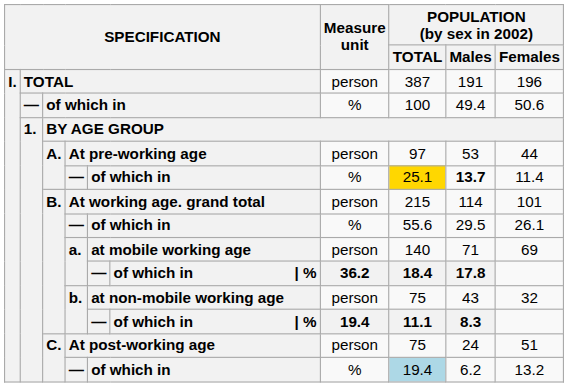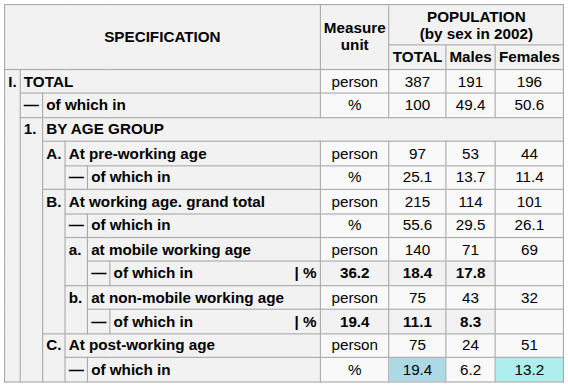 <table class="wikitable" style="font-size:85%; text-align:center">
 <tr>
 <th rowspan="2" colspan="6">SPECIFICATION</th>
 <th rowspan="2">Measure<br> unit</th>
 <th colspan="3" rowspan="1">POPULATION<br> (by sex in 2002)</th>
 </tr>
 <tr>
 <th>TOTAL</th>
 <th>Males</th>
 <th>Females</th>
 </tr>
 <tr>
 <th style="text-align:left" valign="top" rowspan="13">I.</th>
 <th style="text-align:left" colspan="5">TOTAL</th>
 <td>person</td>
 <td>387</td>
 <td>191</td>
 <td>196</td>
 </tr>
 <tr>
 <th style="text-align:left" valign="top">—</th>
 <th style="text-align:left" colspan="4">of which in</th>
 <td>%</td>
 <td>100</td>
 <td>49.4</td>
 <td>50.6</td>
 </tr>
 <tr>
 <th style="text-align:left" valign="top" rowspan="11">1.</th>
 <th style="text-align:left" colspan="19">BY AGE GROUP</th>
 </tr>
 <tr>
 <th style="text-align:left" valign="top" rowspan="2">A.</th>
 <th style="text-align:left" colspan="3">At pre-working age</th>
 <td>person</td>
 <td>97</td>
 <td>53</td>
 <td>44</td>
 </tr>
 <tr>
 <th style="text-align:left" valign="top">—</th>
 <th style="text-align:left" valign="top" colspan="2">of which in</th>
 <td>%</td>
-<td style="background: gold;">25.1</td>
-<td><strong>13.7</strong></td>
+<td>25.1</td>
+<td>13.7</td>
 <td>11.4</td>
 </tr>
 <tr>
 <th style="text-align:left" valign="top" rowspan="6">B.</th>
 <th style="text-align:left" colspan="3">At working age. grand total</th>
 <td>person</td>
 <td>215</td>
 <td>114</td>
 <td>101</td>
 </tr>
 <tr>
 <th style="text-align:left" valign="top">—</th>
 <th style="text-align:left" valign="top" colspan="2">of which in</th>
 <td>%</td>
 <td>55.6</td>
 <td>29.5</td>
 <td>26.1</td>
 </tr>
 <tr>
 <th style="text-align:left" valign="top" rowspan="2">a.</th>
 <th style="text-align:left" colspan="2">at mobile working age</th>
 <td>person</td>
 <td>140</td>
 <td>71</td>
 <td>69</td>
 </tr>
 <tr>
 <th style="text-align:left" valign="top">—</th>
 <th style="text-align:left" valign="top" colspan="1">of which in                        | %</th>
 <th>36.2</th>
 <th>18.4</th>
 <th>17.8</th>
 </tr>
 <tr>
 <th style="text-align:left" valign="top" rowspan="2">b.</th>
 <th style="text-align:left" colspan="2">at non-mobile working age</th>
 <td>person</td>
 <td>75</td>
 <td>43</td>
 <td>32</td>
 </tr>
 <tr>
 <th style="text-align:left" valign="top">—</th>
 <th style="text-align:left" valign="top" colspan="1">of which in                        | %</th>
 <th>19.4</th>
 <th>11.1</th>
 <th>8.3</th>
 </tr>
 <tr>
 <th style="text-align:left" valign="top" rowspan="2">C.</th>
 <th style="text-align:left" colspan="3">At post-working age</th>
 <td>person</td>
 <td>75</td>
 <td>24</td>
 <td>51</td>
 </tr>
 <tr>
 <th style="text-align:left" valign="top">—</th>
 <th style="text-align:left" valign="top" colspan="2">of which in</th>
 <td>%</td>
 <td style="background: lightblue;">19.4</td>
 <td>6.2</td>
-<td>13.2</td>
+<td style="background: paleturquoise;">13.2</td>
 </tr>
 </table>
